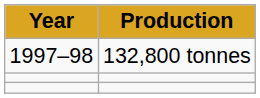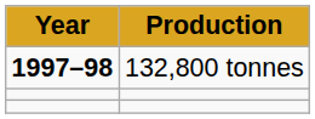 <table class="wikitable">
 <tr align="center" bgcolor="#DAA520">
 <td><strong>Year</strong></td>
 <td><strong>Production</strong></td>
 </tr>
 <tr align="center">
-<td>1997–98 </td>
+<td><strong>1997–98 </strong></td>
 <td>132,800 tonnes</td>
 </tr>
 <tr align="center">
 <td></td>
 <td></td>
 </tr>
 <tr align="center">
 <td></td>
 <td></td>
 </tr>
 </table>
